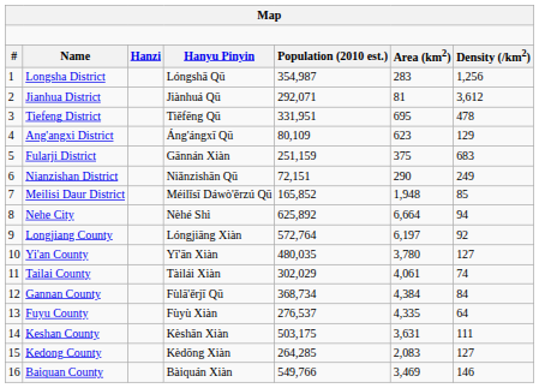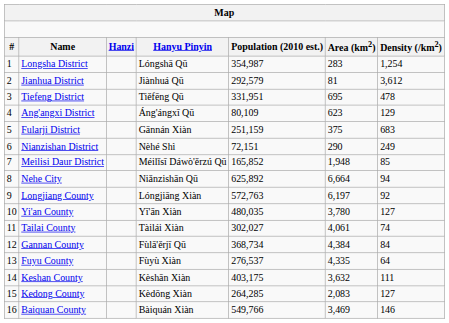 <table class="wikitable"  style="font-size:90%;" align=center>
 <tr>
 <th Colspan="7">Map</th>
 </tr>
 <tr>
 <td colspan="7" align="center"><div><br>                      </div></td>
 </tr>
 <tr>
 <th>#</th>
 <th>Name</th>
 <th><a href='#'>Hanzi</a></th>
 <th><a href='#'>Hanyu Pinyin</a></th>
 <th>Population (2010 est.)</th>
 <th>Area (km<sup>2</sup>)</th>
 <th>Density (/km<sup>2</sup>)</th>
 </tr>
 <tr --------->
 <td>1</td>
 <td><a href='#'>Longsha District</a></td>
 <td></td>
 <td>Lóngshā Qū</td>
 <td>354,987</td>
 <td>283</td>
-<td>1,256</td>
+<td>1,254</td>
 </tr>
 <tr --------->
 <td>2</td>
 <td><a href='#'>Jianhua District</a></td>
 <td></td>
 <td>Jiànhuá Qū</td>
-<td>292,071</td>
+<td>292,579</td>
 <td>81</td>
 <td>3,612</td>
 </tr>
 <tr --------->
 <td>3</td>
 <td><a href='#'>Tiefeng District</a></td>
 <td></td>
 <td>Tiěfēng Qū</td>
 <td>331,951</td>
 <td>695</td>
 <td>478</td>
 </tr>
 <tr --------->
 <td>4</td>
 <td><a href='#'>Ang'angxi District</a></td>
 <td></td>
 <td>Áng'ángxī Qū</td>
 <td>80,109</td>
 <td>623</td>
 <td>129</td>
 </tr>
 <tr --------->
 <td>5</td>
 <td><a href='#'>Fularji District</a></td>
 <td></td>
 <td>Gānnán Xiàn</td>
 <td>251,159</td>
 <td>375</td>
 <td>683</td>
 </tr>
 <tr --------->
 <td>6</td>
 <td><a href='#'>Nianzishan District</a></td>
 <td></td>
-<td>Niǎnzishān Qū</td>
+<td>Nèhé Shì</td>
 <td>72,151</td>
 <td>290</td>
 <td>249</td>
 </tr>
 <tr --------->
 <td>7</td>
 <td><a href='#'>Meilisi Daur District</a></td>
 <td></td>
 <td>Méilǐsī Dáwò'ěrzú Qū</td>
 <td>165,852</td>
 <td>1,948</td>
 <td>85</td>
 </tr>
 <tr --------->
 <td>8</td>
 <td><a href='#'>Nehe City</a></td>
 <td></td>
-<td>Nèhé Shì</td>
+<td>Niǎnzishān Qū</td>
 <td>625,892</td>
 <td>6,664</td>
 <td>94</td>
 </tr>
 <tr --------->
 <td>9</td>
 <td><a href='#'>Longjiang County</a></td>
 <td></td>
 <td>Lóngjiāng Xiàn</td>
-<td>572,764</td>
+<td>572,763</td>
 <td>6,197</td>
 <td>92</td>
 </tr>
 <tr --------->
 <td>10</td>
 <td><a href='#'>Yi'an County</a></td>
 <td></td>
 <td>Yī'ān Xiàn</td>
 <td>480,035</td>
 <td>3,780</td>
 <td>127</td>
 </tr>
 <tr --------->
 <td>11</td>
 <td><a href='#'>Tailai County</a></td>
 <td></td>
 <td>Tàilái Xiàn</td>
-<td>302,029</td>
+<td>302,027</td>
 <td>4,061</td>
 <td>74</td>
 </tr>
 <tr --------->
 <td>12</td>
 <td><a href='#'>Gannan County</a></td>
 <td></td>
 <td>Fùlā'ěrjī Qū</td>
 <td>368,734</td>
 <td>4,384</td>
 <td>84</td>
 </tr>
 <tr --------->
 <td>13</td>
 <td><a href='#'>Fuyu County</a></td>
 <td></td>
 <td>Fùyù Xiàn</td>
 <td>276,537</td>
 <td>4,335</td>
 <td>64</td>
 </tr>
 <tr --------->
 <td>14</td>
 <td><a href='#'>Keshan County</a></td>
 <td></td>
 <td>Kèshān Xiàn</td>
-<td>503,175</td>
-<td>3,631</td>
+<td>403,175</td>
+<td>3,632</td>
 <td>111</td>
 </tr>
 <tr --------->
 <td>15</td>
 <td><a href='#'>Kedong County</a></td>
 <td></td>
 <td>Kèdōng Xiàn</td>
 <td>264,285</td>
 <td>2,083</td>
 <td>127</td>
 </tr>
 <tr --------->
 <td>16</td>
 <td><a href='#'>Baiquan County</a></td>
 <td></td>
 <td>Bàiquán Xiàn</td>
 <td>549,766</td>
 <td>3,469</td>
 <td>146</td>
 </tr>
 </table>
